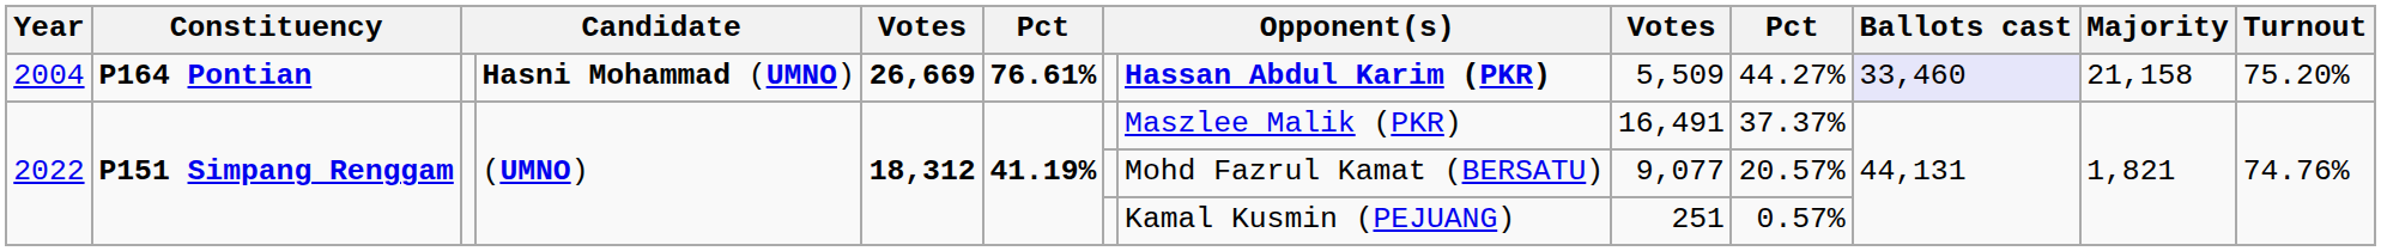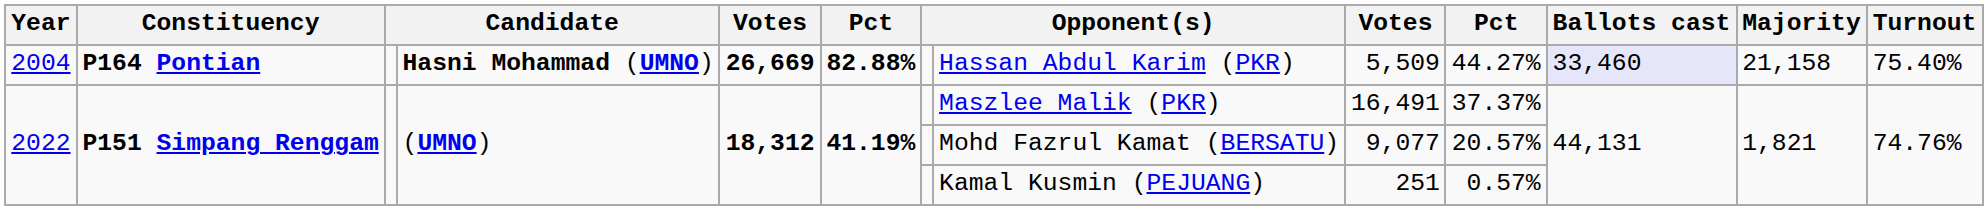 <table class="wikitable" style="margin:0.5em ; font-size:95%">
 <tr>
 <th>Year</th>
 <th>Constituency</th>
 <th colspan=2>Candidate</th>
 <th>Votes</th>
 <th>Pct</th>
 <th colspan=2>Opponent(s)</th>
 <th>Votes</th>
 <th>Pct</th>
 <th>Ballots cast</th>
 <th>Majority</th>
 <th>Turnout</th>
 </tr>
 <tr>
 <td><a href='#'>2004</a></td>
 <td><strong>P164 <a href='#'>Pontian</a></strong></td>
 <td></td>
 <td><strong>Hasni Mohammad</strong> (<a href='#'><strong>UMNO</strong></a>)</td>
 <td align=right><strong>26,669</strong></td>
-<td><strong>76.61%</strong></td>
+<td><strong>82.88%</strong></td>
 <td></td>
-<td><strong><a href='#'>Hassan Abdul Karim</a> (<a href='#'>PKR</a>)</strong></td>
+<td><a href='#'>Hassan Abdul Karim</a> (<a href='#'>PKR</a>)</td>
 <td align=right>5,509</td>
 <td>44.27%</td>
 <td style="background: lavender;">33,460</td>
 <td>21,158</td>
-<td>75.20%</td>
+<td>75.40%</td>
 </tr>
 <tr>
 <td rowspan="3"><a href='#'>2022</a></td>
 <td rowspan=3><strong>P151 <a href='#'>Simpang Renggam</a></strong></td>
 <td rowspan="3" ></td>
 <td rowspan="3"> (<a href='#'><strong>UMNO</strong></a>)</td>
 <td rowspan="3" align="right"><strong>18,312</strong></td>
 <td rowspan="3"><strong>41.19%</strong></td>
 <td></td>
 <td><a href='#'>Maszlee Malik</a> (<a href='#'>PKR</a>)</td>
 <td align="right">16,491</td>
 <td>37.37%</td>
 <td rowspan="3">44,131</td>
 <td rowspan="3">1,821</td>
 <td rowspan="3">74.76%</td>
 </tr>
 <tr>
 <td bgcolor=></td>
 <td>Mohd Fazrul Kamat (<a href='#'>BERSATU</a>)</td>
 <td align="right">9,077</td>
 <td>20.57%</td>
 </tr>
 <tr>
 <td></td>
 <td>Kamal Kusmin (<a href='#'>PEJUANG</a>)</td>
 <td align="right">251</td>
 <td align="right">0.57%</td>
 </tr>
 </table>
